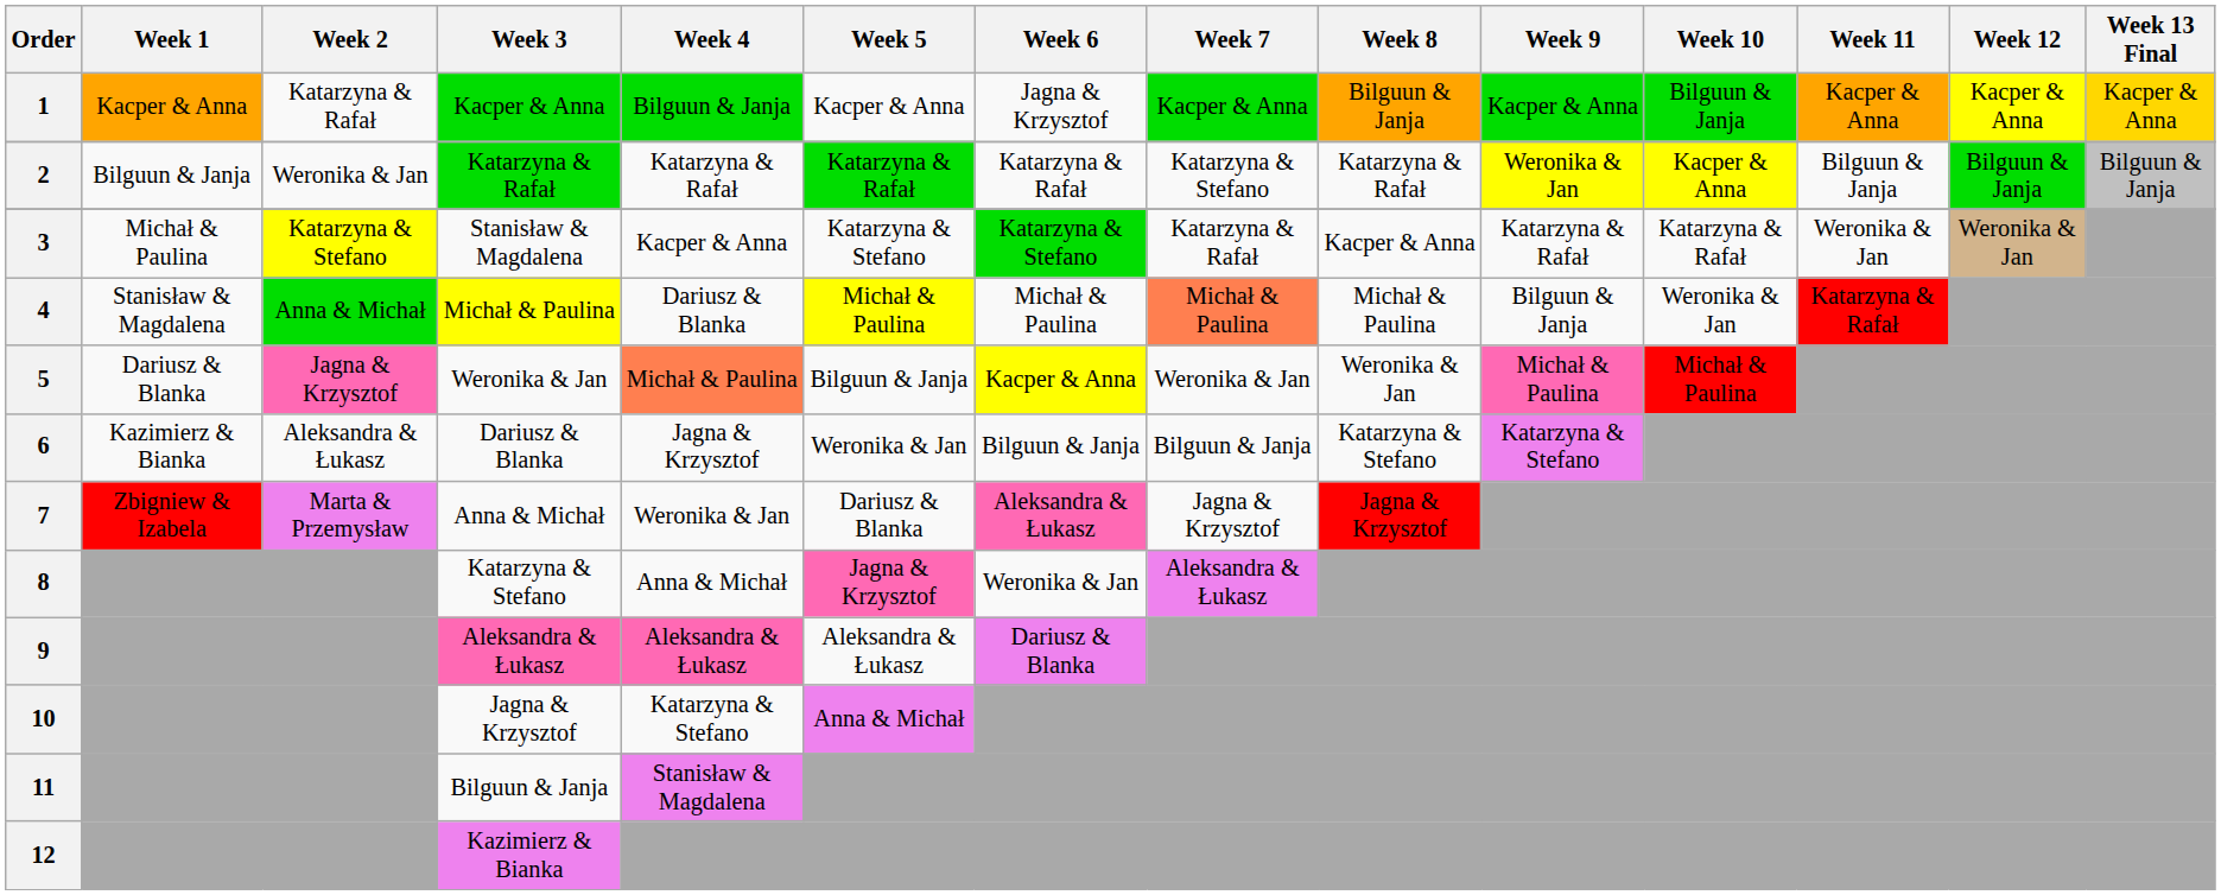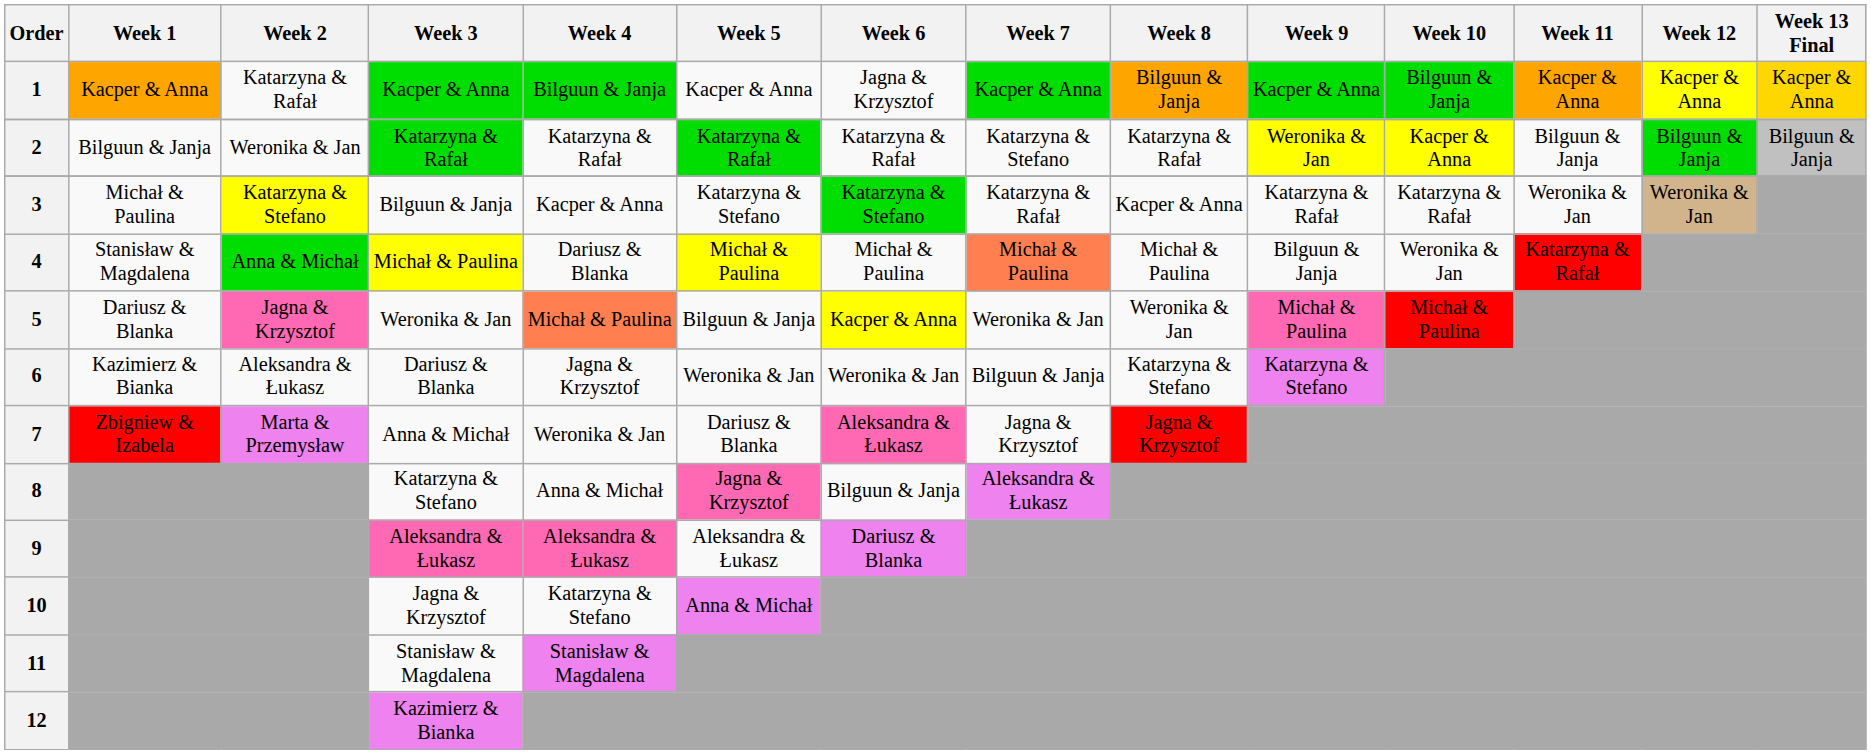 <table class="wikitable" style="font-size:85%; text-align:center">
 <tr>
 <th>Order</th>
 <th>Week 1</th>
 <th>Week 2</th>
 <th>Week 3</th>
 <th>Week 4</th>
 <th>Week 5</th>
 <th>Week 6</th>
 <th>Week 7</th>
 <th>Week 8</th>
 <th>Week 9</th>
 <th>Week 10</th>
 <th>Week 11</th>
 <th>Week 12</th>
 <th>Week 13<br>Final</th>
 </tr>
 <tr>
 <th>1</th>
 <td style="background:orange;">Kacper & Anna</td>
 <td>Katarzyna & Rafał</td>
 <td style="background:#00DD00;">Kacper & Anna</td>
 <td style="background:#00DD00;">Bilguun & Janja</td>
 <td>Kacper & Anna</td>
 <td>Jagna & Krzysztof</td>
 <td style="background:#00DD00;">Kacper & Anna</td>
 <td style="background:orange;">Bilguun & Janja</td>
 <td style="background:#00DD00;">Kacper & Anna</td>
 <td style="background:#00DD00;">Bilguun & Janja</td>
 <td style="background:orange;">Kacper & Anna</td>
 <td style="background:yellow;">Kacper & Anna</td>
 <td style="background:gold;">Kacper & Anna</td>
 </tr>
 <tr>
 </tr>
 <tr>
 <th>2</th>
 <td>Bilguun & Janja</td>
 <td>Weronika & Jan</td>
 <td style="background:#00DD00;">Katarzyna & Rafał</td>
 <td>Katarzyna & Rafał</td>
 <td style="background:#00DD00;">Katarzyna & Rafał</td>
 <td>Katarzyna & Rafał</td>
 <td>Katarzyna & Stefano</td>
 <td>Katarzyna & Rafał</td>
 <td style="background:yellow;">Weronika & Jan</td>
 <td style="background:yellow;">Kacper & Anna</td>
 <td>Bilguun & Janja</td>
 <td style="background:#00DD00;">Bilguun & Janja</td>
 <td style="background:silver;">Bilguun & Janja</td>
 </tr>
 <tr>
 </tr>
 <tr>
 <th>3</th>
 <td>Michał & Paulina</td>
 <td style="background:yellow;">Katarzyna & Stefano</td>
-<td>Stanisław & Magdalena</td>
+<td>Bilguun & Janja</td>
 <td>Kacper & Anna</td>
 <td>Katarzyna & Stefano</td>
 <td style="background:#00DD00;">Katarzyna & Stefano</td>
 <td>Katarzyna & Rafał</td>
 <td>Kacper & Anna</td>
 <td>Katarzyna & Rafał</td>
 <td>Katarzyna & Rafał</td>
 <td>Weronika & Jan</td>
 <td style="background:tan;">Weronika & Jan</td>
 <td style="background:darkgray" colspan="1"></td>
 </tr>
 <tr>
 <th>4</th>
 <td>Stanisław & Magdalena</td>
 <td style="background:#00DD00;">Anna & Michał</td>
 <td style="background:yellow;">Michał & Paulina</td>
 <td>Dariusz & Blanka</td>
 <td style="background:yellow;">Michał & Paulina</td>
 <td>Michał & Paulina</td>
 <td style="background:coral;">Michał & Paulina</td>
 <td>Michał & Paulina</td>
 <td>Bilguun & Janja</td>
 <td>Weronika & Jan</td>
 <td style="background:red;">Katarzyna & Rafał</td>
 <td style="background:darkgray" colspan="2"></td>
 </tr>
 <tr>
 <th>5</th>
 <td>Dariusz & Blanka</td>
 <td style="background:hotpink;">Jagna & Krzysztof</td>
 <td>Weronika & Jan</td>
 <td style="background:coral;">Michał & Paulina</td>
 <td>Bilguun & Janja</td>
 <td style="background:yellow;">Kacper & Anna</td>
 <td>Weronika & Jan</td>
 <td>Weronika & Jan</td>
 <td style="background:hotpink;">Michał & Paulina</td>
 <td style="background:red;">Michał & Paulina</td>
 <td style="background:darkgray" colspan="3"></td>
 </tr>
 <tr>
 <th>6</th>
 <td>Kazimierz & Bianka</td>
 <td>Aleksandra & Łukasz</td>
 <td>Dariusz & Blanka</td>
 <td>Jagna & Krzysztof</td>
 <td>Weronika & Jan</td>
-<td>Bilguun & Janja</td>
+<td>Weronika & Jan</td>
 <td>Bilguun & Janja</td>
 <td>Katarzyna & Stefano</td>
 <td style="background:violet;">Katarzyna & Stefano</td>
 <td style="background:darkgray" colspan="4"></td>
 </tr>
 <tr>
 <th>7</th>
 <td style="background:red;">Zbigniew & Izabela</td>
 <td style="background:violet;">Marta & Przemysław</td>
 <td>Anna & Michał</td>
 <td>Weronika & Jan</td>
 <td>Dariusz & Blanka</td>
 <td style="background:hotpink;">Aleksandra & Łukasz</td>
 <td>Jagna & Krzysztof</td>
 <td style="background:red;">Jagna & Krzysztof</td>
 <td style="background:darkgray" colspan="5"></td>
 </tr>
 <tr>
 <th>8</th>
 <td style="background:darkgray" colspan="2"></td>
 <td>Katarzyna & Stefano</td>
 <td>Anna & Michał</td>
 <td style="background:hotpink;">Jagna & Krzysztof</td>
-<td>Weronika & Jan</td>
+<td>Bilguun & Janja</td>
 <td style="background:violet;">Aleksandra & Łukasz</td>
 <td style="background:darkgray" colspan="6"></td>
 </tr>
 <tr>
 <th>9</th>
 <td style="background:darkgray" colspan="2"></td>
 <td style="background:hotpink;">Aleksandra & Łukasz</td>
 <td style="background:hotpink;">Aleksandra & Łukasz</td>
 <td>Aleksandra & Łukasz</td>
 <td style="background:violet;">Dariusz & Blanka</td>
 <td style="background:darkgray" colspan="7"></td>
 </tr>
 <tr>
 <th>10</th>
 <td style="background:darkgray" colspan="2"></td>
 <td>Jagna & Krzysztof</td>
 <td>Katarzyna & Stefano</td>
 <td style="background:violet;">Anna & Michał</td>
 <td style="background:darkgray" colspan="8"></td>
 </tr>
 <tr>
 <th>11</th>
 <td style="background:darkgray" colspan="2"></td>
-<td>Bilguun & Janja</td>
+<td>Stanisław & Magdalena</td>
 <td style="background:violet;">Stanisław & Magdalena</td>
 <td style="background:darkgray" colspan="9"></td>
 </tr>
 <tr>
 <th>12</th>
 <td style="background:darkgray" colspan="2"></td>
 <td style="background:violet;">Kazimierz & Bianka</td>
 <td style="background:darkgray" colspan="10"></td>
 </tr>
 </table>
